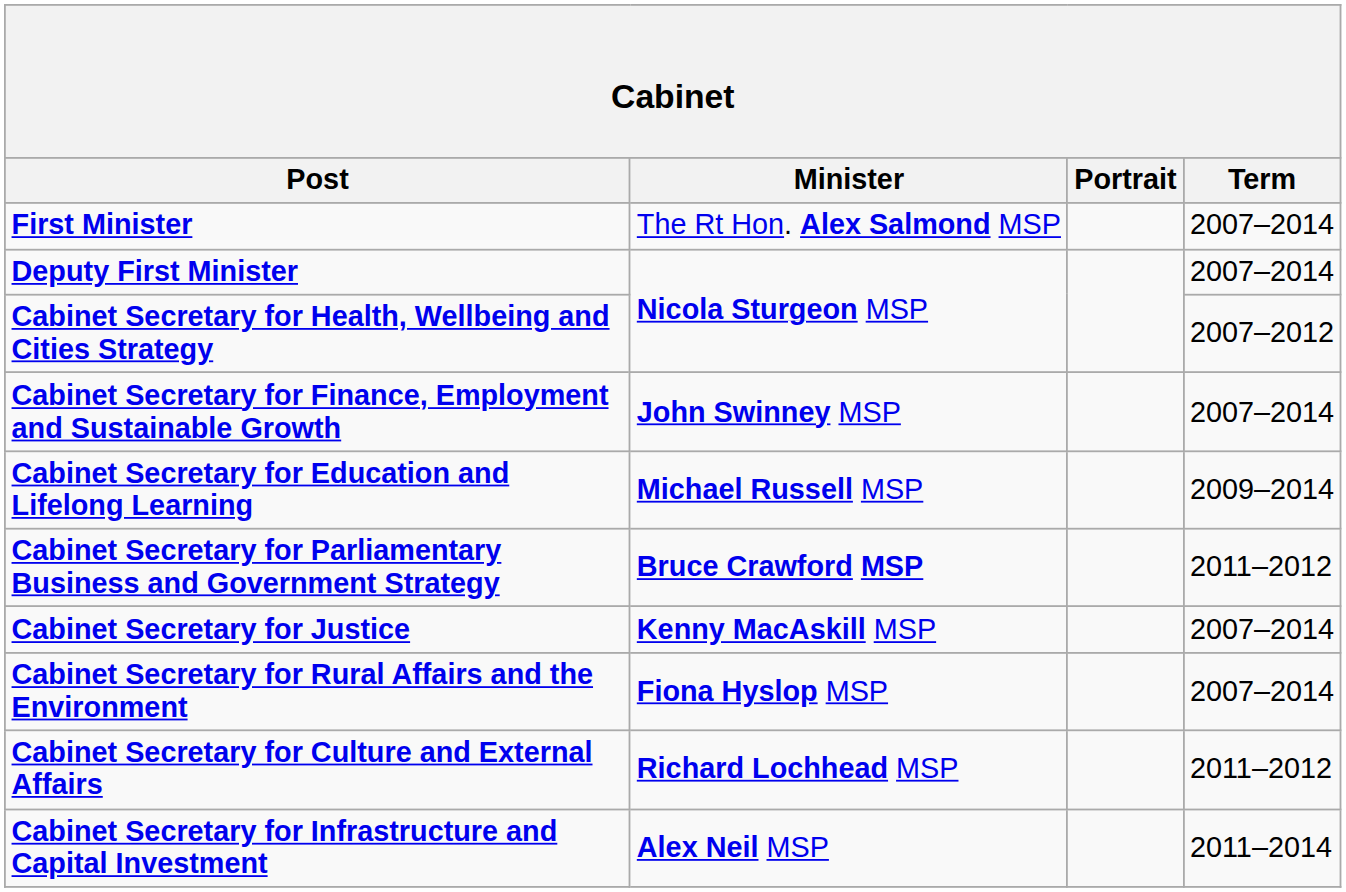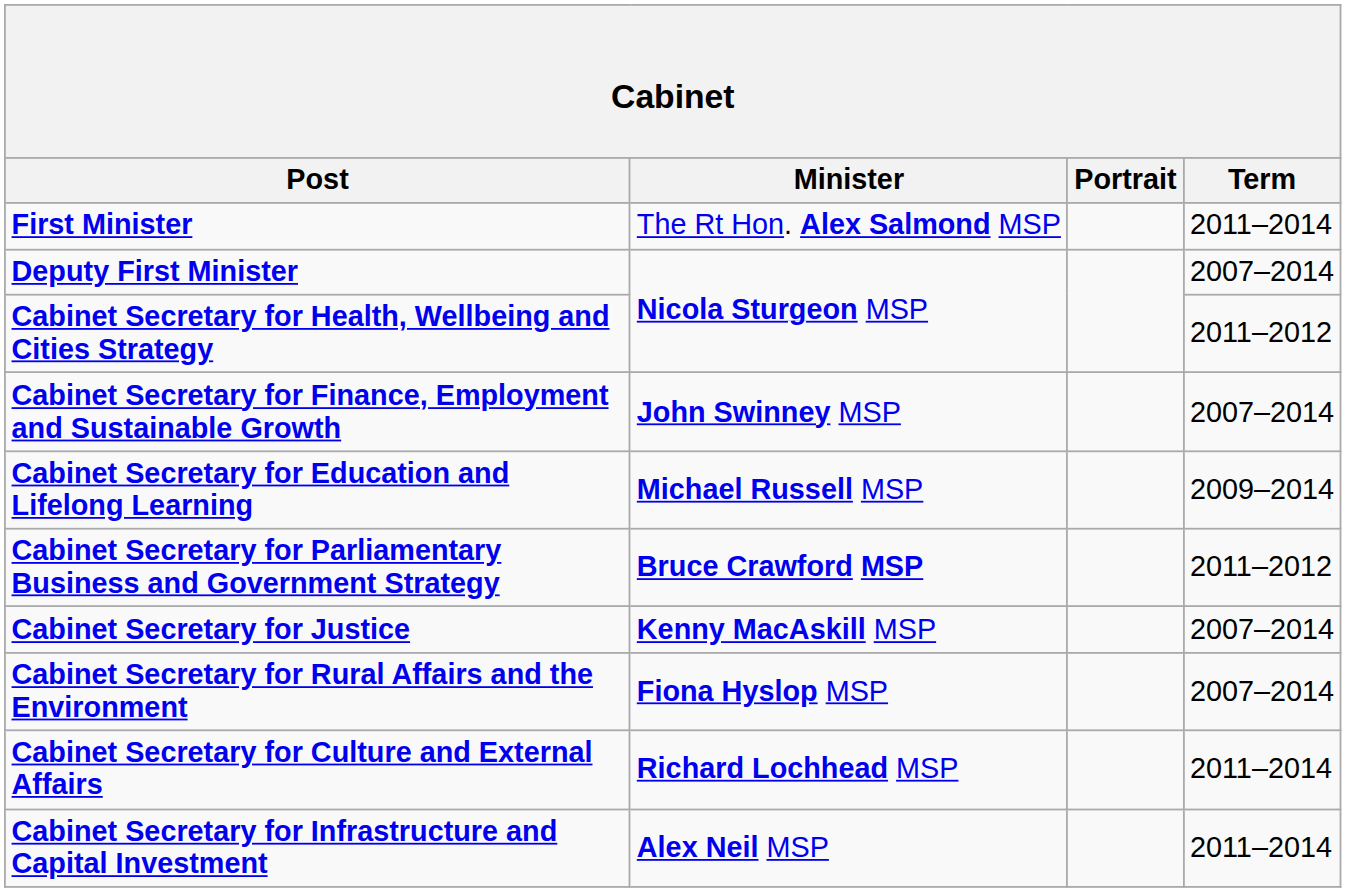 <table class="wikitable">
 <tr>
 <th colspan="4"><br><h3>Cabinet</h3></th>
 </tr>
 <tr>
 <th style="width: 340px">Post</th>
 <th colspan="1">Minister</th>
 <th>Portrait</th>
 <th>Term</th>
 </tr>
 <tr>
 <td><strong><a href='#'>First Minister</a></strong></td>
 <td><a href='#'>The Rt Hon</a>. <strong><a href='#'>Alex Salmond</a></strong> <a href='#'>MSP</a></td>
 <td></td>
-<td>2007–2014</td>
+<td>2011–2014</td>
 </tr>
 <tr>
 <td><strong><a href='#'>Deputy First Minister</a>  </strong></td>
 <td rowspan="2"><strong><a href='#'>Nicola Sturgeon</a></strong> <a href='#'>MSP</a></td>
 <td rowspan="2"></td>
 <td>2007–2014</td>
 </tr>
 <tr>
 <td rowspan="1"><strong><a href='#'>Cabinet Secretary for Health, Wellbeing and Cities Strategy</a></strong></td>
-<td>2007–2012</td>
+<td>2011–2012</td>
 </tr>
 <tr>
 <td><strong><a href='#'>Cabinet Secretary for Finance, Employment and Sustainable Growth</a></strong></td>
 <td><strong><a href='#'>John Swinney</a></strong> <a href='#'>MSP</a></td>
 <td></td>
 <td>2007–2014</td>
 </tr>
 <tr>
 <td><strong><a href='#'>Cabinet Secretary for Education and Lifelong Learning</a></strong></td>
 <td><strong><a href='#'>Michael Russell</a></strong> <a href='#'>MSP</a></td>
 <td></td>
 <td>2009–2014</td>
 </tr>
 <tr>
 <td><strong><a href='#'>Cabinet Secretary for Parliamentary Business and Government Strategy</a></strong></td>
 <td><strong><a href='#'>Bruce Crawford</a> <a href='#'>MSP</a></strong></td>
 <td></td>
 <td>2011–2012</td>
 </tr>
 <tr>
 <td><strong><a href='#'>Cabinet Secretary for Justice</a></strong></td>
 <td><strong><a href='#'>Kenny MacAskill</a></strong> <a href='#'>MSP</a></td>
 <td></td>
 <td>2007–2014</td>
 </tr>
 <tr>
 <td><strong><a href='#'>Cabinet Secretary for Rural Affairs and the Environment</a></strong></td>
 <td><strong><a href='#'>Fiona Hyslop</a></strong> <a href='#'>MSP</a></td>
 <td></td>
 <td>2007–2014</td>
 </tr>
 <tr>
 <td><strong><a href='#'>Cabinet Secretary for Culture and External Affairs</a></strong></td>
 <td><strong><a href='#'>Richard Lochhead</a></strong> <a href='#'>MSP</a></td>
 <td></td>
-<td>2011–2012</td>
+<td>2011–2014</td>
 </tr>
 <tr>
 <td><strong><a href='#'>Cabinet Secretary for Infrastructure and Capital Investment</a></strong></td>
 <td><strong><a href='#'>Alex Neil</a></strong> <a href='#'>MSP</a></td>
 <td></td>
 <td>2011–2014</td>
 </tr>
 </table>
